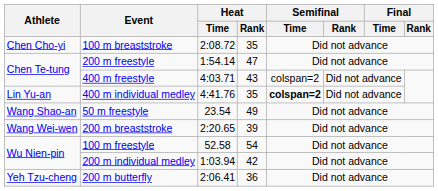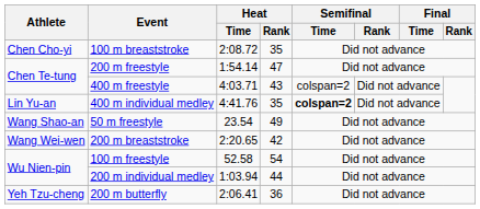 <table class=wikitable style="font-size:90%">
 <tr>
 <th rowspan="2">Athlete</th>
 <th rowspan="2">Event</th>
 <th colspan="2">Heat</th>
 <th colspan="2">Semifinal</th>
 <th colspan="2">Final</th>
 </tr>
 <tr style="font-size:95%">
 <th>Time</th>
 <th>Rank</th>
 <th>Time</th>
 <th>Rank</th>
 <th>Time</th>
 <th>Rank</th>
 </tr>
 <tr align=center>
 <td align=left><a href='#'>Chen Cho-yi</a></td>
 <td align=left><a href='#'>100 m breaststroke</a></td>
 <td>2:08.72</td>
 <td>35</td>
 <td colspan=4>Did not advance</td>
 </tr>
 <tr align=center>
 <td align=left rowspan=2><a href='#'>Chen Te-tung</a></td>
 <td align=left><a href='#'>200 m freestyle</a></td>
 <td>1:54.14</td>
 <td>47</td>
 <td colspan=4>Did not advance</td>
 </tr>
 <tr align=center>
 <td align=left><a href='#'>400 m freestyle</a></td>
 <td>4:03.71</td>
 <td>43</td>
 <td>colspan=2 </td>
 <td colspan=2>Did not advance</td>
 </tr>
 <tr align=center>
 <td align=left><a href='#'>Lin Yu-an</a></td>
 <td align=left><a href='#'>400 m individual medley</a></td>
 <td>4:41.76</td>
 <td>35</td>
 <td><strong>colspan=2 </strong></td>
 <td colspan=2>Did not advance</td>
 </tr>
 <tr align=center>
 <td align=left><a href='#'>Wang Shao-an</a></td>
 <td align=left><a href='#'>50 m freestyle</a></td>
 <td>23.54</td>
 <td>49</td>
 <td colspan=4>Did not advance</td>
 </tr>
 <tr align=center>
 <td align=left><a href='#'>Wang Wei-wen</a></td>
 <td align=left><a href='#'>200 m breaststroke</a></td>
 <td>2:20.65</td>
-<td>39</td>
+<td>42</td>
 <td colspan=4>Did not advance</td>
 </tr>
 <tr align=center>
 <td align=left rowspan=2><a href='#'>Wu Nien-pin</a></td>
 <td align=left><a href='#'>100 m freestyle</a></td>
 <td>52.58</td>
 <td>54</td>
 <td colspan=4>Did not advance</td>
 </tr>
 <tr align=center>
 <td align=left><a href='#'>200 m individual medley</a></td>
 <td>1:03.94</td>
-<td>42</td>
+<td>44</td>
 <td colspan=4>Did not advance</td>
 </tr>
 <tr align=center>
 <td align=left><a href='#'>Yeh Tzu-cheng</a></td>
 <td align=left><a href='#'>200 m butterfly</a></td>
 <td>2:06.41</td>
 <td>36</td>
 <td colspan=4>Did not advance</td>
 </tr>
 </table>
